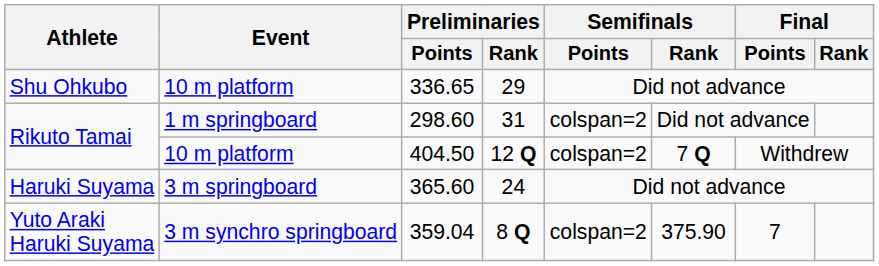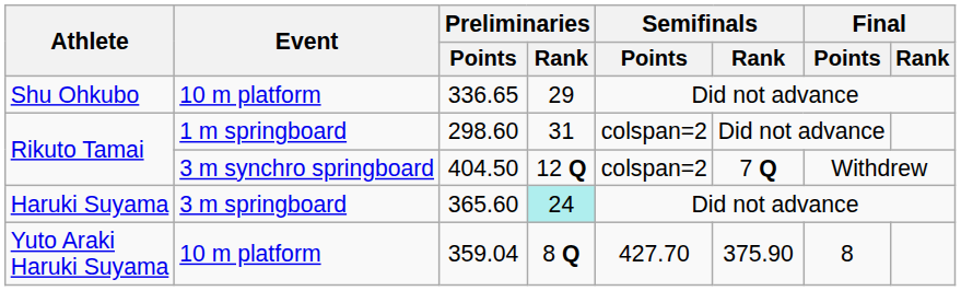 <table class="wikitable" style="text-align:center; font-size:90%">
 <tr>
 <th rowspan=2>Athlete</th>
 <th rowspan=2>Event</th>
 <th colspan=2>Preliminaries</th>
 <th colspan=2>Semifinals</th>
 <th colspan=2>Final</th>
 </tr>
 <tr style="font-size:95%">
 <th>Points</th>
 <th>Rank</th>
 <th>Points</th>
 <th>Rank</th>
 <th>Points</th>
 <th>Rank</th>
 </tr>
 <tr>
 <td align=left><a href='#'>Shu Ohkubo</a></td>
 <td align=left><a href='#'>10 m platform</a></td>
 <td>336.65</td>
 <td>29</td>
 <td colspan=4>Did not advance</td>
 </tr>
 <tr>
 <td align=left rowspan=2><a href='#'>Rikuto Tamai</a></td>
 <td align=left><a href='#'>1 m springboard</a></td>
 <td>298.60</td>
 <td>31</td>
 <td>colspan=2 </td>
 <td colspan=2>Did not advance</td>
 </tr>
 <tr>
-<td align=left><a href='#'>10 m platform</a></td>
+<td align=left><a href='#'>3 m synchro springboard</a></td>
 <td>404.50</td>
 <td>12 <strong>Q</strong></td>
 <td>colspan=2 </td>
 <td>7 <strong>Q</strong></td>
 <td colspan=2>Withdrew</td>
 </tr>
 <tr>
 <td align=left><a href='#'>Haruki Suyama</a></td>
 <td align=left><a href='#'>3 m springboard</a></td>
 <td>365.60</td>
-<td>24</td>
+<td style="background: paleturquoise;">24</td>
 <td colspan=4>Did not advance</td>
 </tr>
 <tr>
 <td align=left><a href='#'>Yuto Araki</a><br> <a href='#'>Haruki Suyama</a></td>
-<td align=left><a href='#'>3 m synchro springboard</a></td>
+<td align=left><a href='#'>10 m platform</a></td>
 <td>359.04</td>
 <td>8 <strong>Q</strong></td>
-<td>colspan=2 </td>
+<td>427.70</td>
 <td>375.90</td>
-<td>7</td>
+<td>8</td>
 </tr>
 </table>
